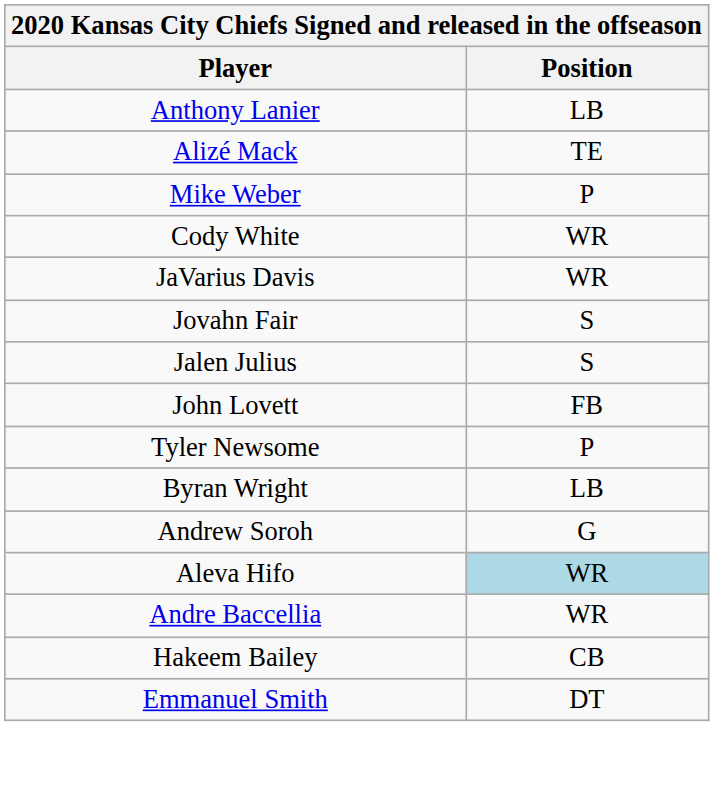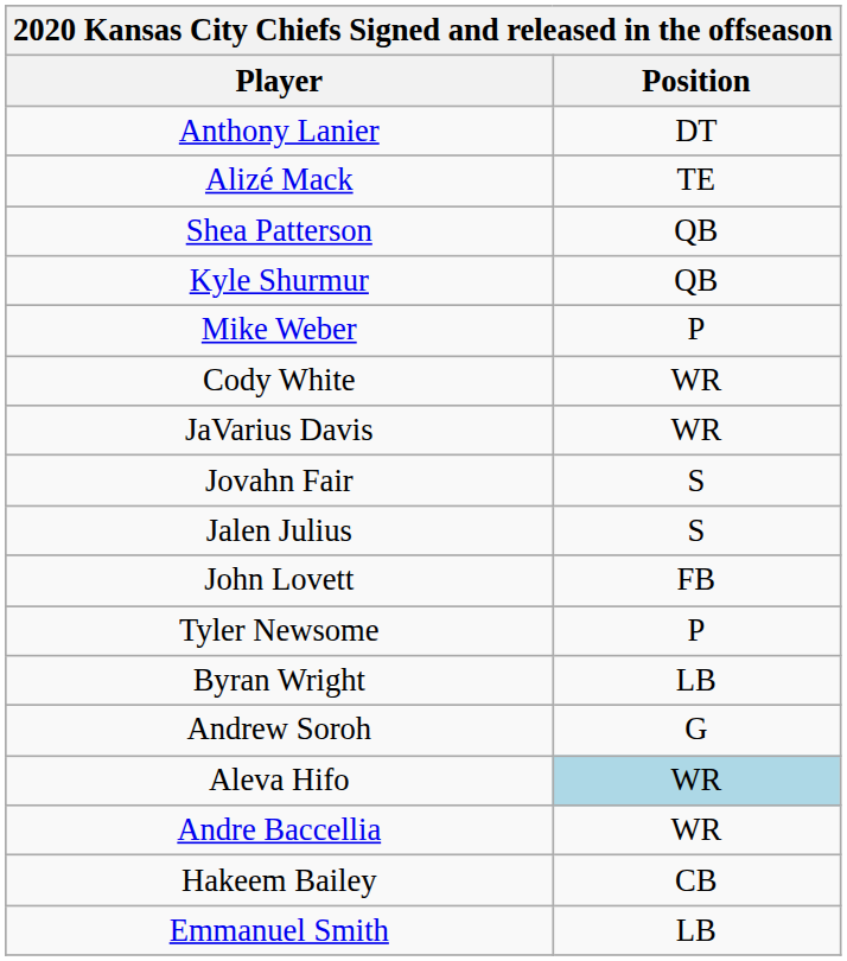 <table class="wikitable" style="text-align:center">
 <tr>
 <th colspan=2>2020 Kansas City Chiefs Signed and released in the offseason</th>
 </tr>
 <tr>
 <th>Player</th>
 <th>Position</th>
 </tr>
 <tr>
 <td><a href='#'>Anthony Lanier</a></td>
-<td>LB</td>
+<td>DT</td>
 </tr>
 <tr>
 <td><a href='#'>Alizé Mack</a></td>
 <td>TE</td>
+</tr>
+<tr>
+<td><a href='#'>Shea Patterson</a></td>
+<td>QB</td>
+</tr>
+<tr>
+<td><a href='#'>Kyle Shurmur</a></td>
+<td>QB</td>
 </tr>
 <tr>
 <td><a href='#'>Mike Weber</a></td>
 <td>P</td>
 </tr>
 <tr>
 <td>Cody White</td>
 <td>WR</td>
 </tr>
 <tr>
 <td>JaVarius Davis</td>
 <td>WR</td>
 </tr>
 <tr>
 <td>Jovahn Fair</td>
 <td>S</td>
 </tr>
 <tr>
 <td>Jalen Julius</td>
 <td>S</td>
 </tr>
 <tr>
 <td>John Lovett</td>
 <td>FB</td>
 </tr>
 <tr>
 <td>Tyler Newsome</td>
 <td>P</td>
 </tr>
 <tr>
 <td>Byran Wright</td>
 <td>LB</td>
 </tr>
 <tr>
 <td>Andrew Soroh</td>
 <td>G</td>
 </tr>
 <tr>
 <td>Aleva Hifo</td>
 <td style="background: lightblue;">WR</td>
 </tr>
 <tr>
 <td><a href='#'>Andre Baccellia</a></td>
 <td>WR</td>
 </tr>
 <tr>
 <td>Hakeem Bailey</td>
 <td>CB</td>
 </tr>
 <tr>
 <td><a href='#'>Emmanuel Smith</a></td>
-<td>DT</td>
+<td>LB</td>
 </tr>
 </table>
